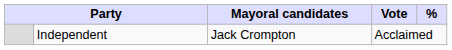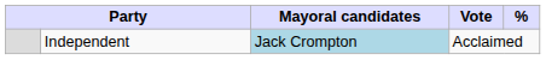 <table class="wikitable">
 <tr>
 <th style="background:#ddf;" width="250px" colspan="2">Party</th>
 <th style="background:#ddf;" width="200px">Mayoral candidates</th>
 <th style="background:#ddf;" width="50px">Vote</th>
 <th style="background:#ddf;" width="30px">%</th>
 </tr>
 <tr>
 <td style="background:gainsboro" width="30px"> </td>
 <td>Independent</td>
-<td>Jack Crompton</td>
+<td style="background: lightblue;">Jack Crompton</td>
 <td colspan="2">Acclaimed</td>
 </tr>
 </table>
